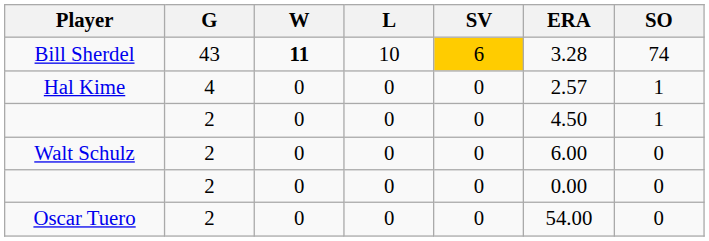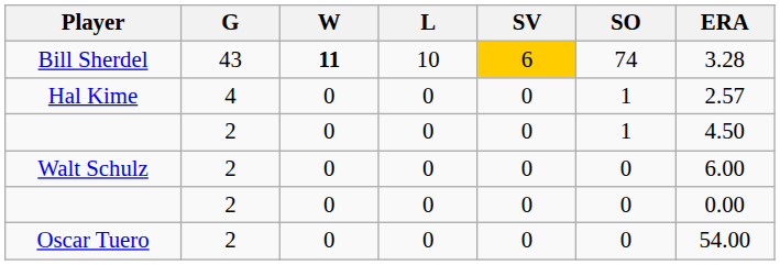 <table class="wikitable sortable">
 <tr>
 <th bgcolor="#DDDDFF" width="16%">Player</th>
 <th bgcolor="#DDDDFF" width="9%">G</th>
 <th bgcolor="#DDDDFF" width="9%">W</th>
 <th bgcolor="#DDDDFF" width="9%">L</th>
 <th bgcolor="#DDDDFF" width="9%">SV</th>
+<th bgcolor="#DDDDFF" width="9%">SO</th>
 <th bgcolor="#DDDDFF" width="9%">ERA</th>
-<th bgcolor="#DDDDFF" width="9%">SO</th>
 </tr>
 <tr align="center">
 <td><a href='#'>Bill Sherdel</a></td>
 <td>43</td>
 <td><strong>11</strong></td>
 <td>10</td>
 <td style="background:#fc0;">6</td>
+<td>74</td>
 <td>3.28</td>
-<td>74</td>
 </tr>
 <tr align=center>
 <td><a href='#'>Hal Kime</a></td>
 <td>4</td>
 <td>0</td>
 <td>0</td>
 <td>0</td>
+<td>1</td>
 <td>2.57</td>
-<td>1</td>
 </tr>
 <tr align=center>
 <td></td>
 <td>2</td>
 <td>0</td>
 <td>0</td>
 <td>0</td>
+<td>1</td>
 <td>4.50</td>
-<td>1</td>
 </tr>
 <tr align="center">
 <td><a href='#'>Walt Schulz</a></td>
 <td>2</td>
 <td>0</td>
 <td>0</td>
 <td>0</td>
+<td>0</td>
 <td>6.00</td>
-<td>0</td>
 </tr>
 <tr align=center>
 <td></td>
 <td>2</td>
 <td>0</td>
 <td>0</td>
 <td>0</td>
+<td>0</td>
 <td>0.00</td>
-<td>0</td>
 </tr>
 <tr align=center>
 <td><a href='#'>Oscar Tuero</a></td>
 <td>2</td>
 <td>0</td>
 <td>0</td>
 <td>0</td>
+<td>0</td>
 <td>54.00</td>
-<td>0</td>
 </tr>
 </table>
